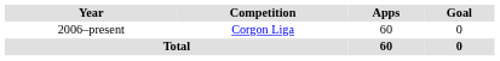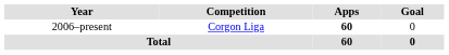 <table border="0" cellpadding="2" cellspacing="0" style="width:50%;">
 <tr style="text-align:center; background:#e0e0e0;">
 <th>Year</th>
 <th>Competition</th>
 <th>Apps</th>
 <th>Goal</th>
 </tr>
 <tr style="text-align:center;">
 <td>2006–present</td>
 <td><a href='#'>Corgon Liga</a></td>
-<td>60</td>
+<td><strong>60</strong></td>
 <td>0</td>
 </tr>
 <tr style="text-align:center; background:#e0e0e0;">
 <th colspan="2">Total</th>
 <th style="text-align:center;">60</th>
 <th style="text-align:center;">0</th>
 </tr>
 </table>
